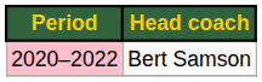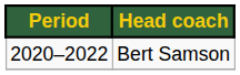 <table class="wikitable" style="text-align:center;">
 <tr>
 <th style="background:#2f623d; color:#f4cc0d; border:2px solid black;">Period</th>
 <th style="background:#2f623d; color:#f4cc0d; border:2px solid black;">Head coach</th>
 </tr>
 <tr>
-<td style="background: pink;">2020–2022</td>
+<td>2020–2022</td>
 <td> Bert Samson</td>
 </tr>
 <tr>
 </tr>
 </table>
